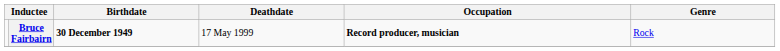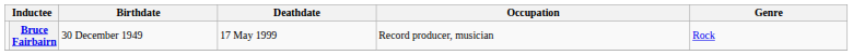 <table class="wikitable" width="100%">
 <tr>
 <th colspan=2>Inductee</th>
 <th width="20%">Birthdate</th>
 <th width="20%">Deathdate</th>
 <th width="40%">Occupation</th>
 <th width="40%">Genre</th>
 </tr>
 <tr>
 <td></td>
 <th><a href='#'>Bruce Fairbairn</a></th>
-<td><strong>30 December 1949</strong></td>
+<td>30 December 1949</td>
 <td>17 May 1999</td>
-<td><strong>Record producer, musician</strong></td>
+<td>Record producer, musician</td>
 <td><a href='#'>Rock</a></td>
 </tr>
 <tr>
 </tr>
 </table>
